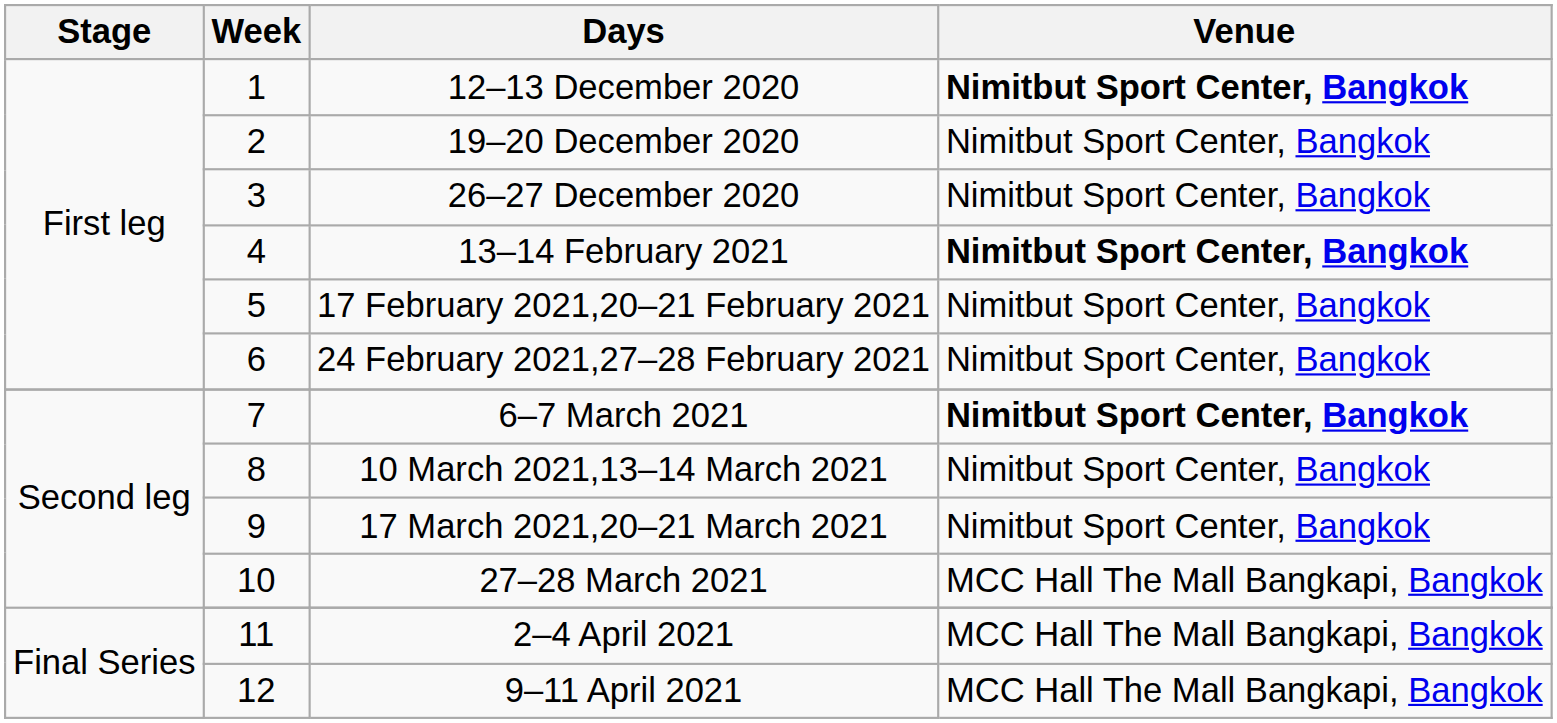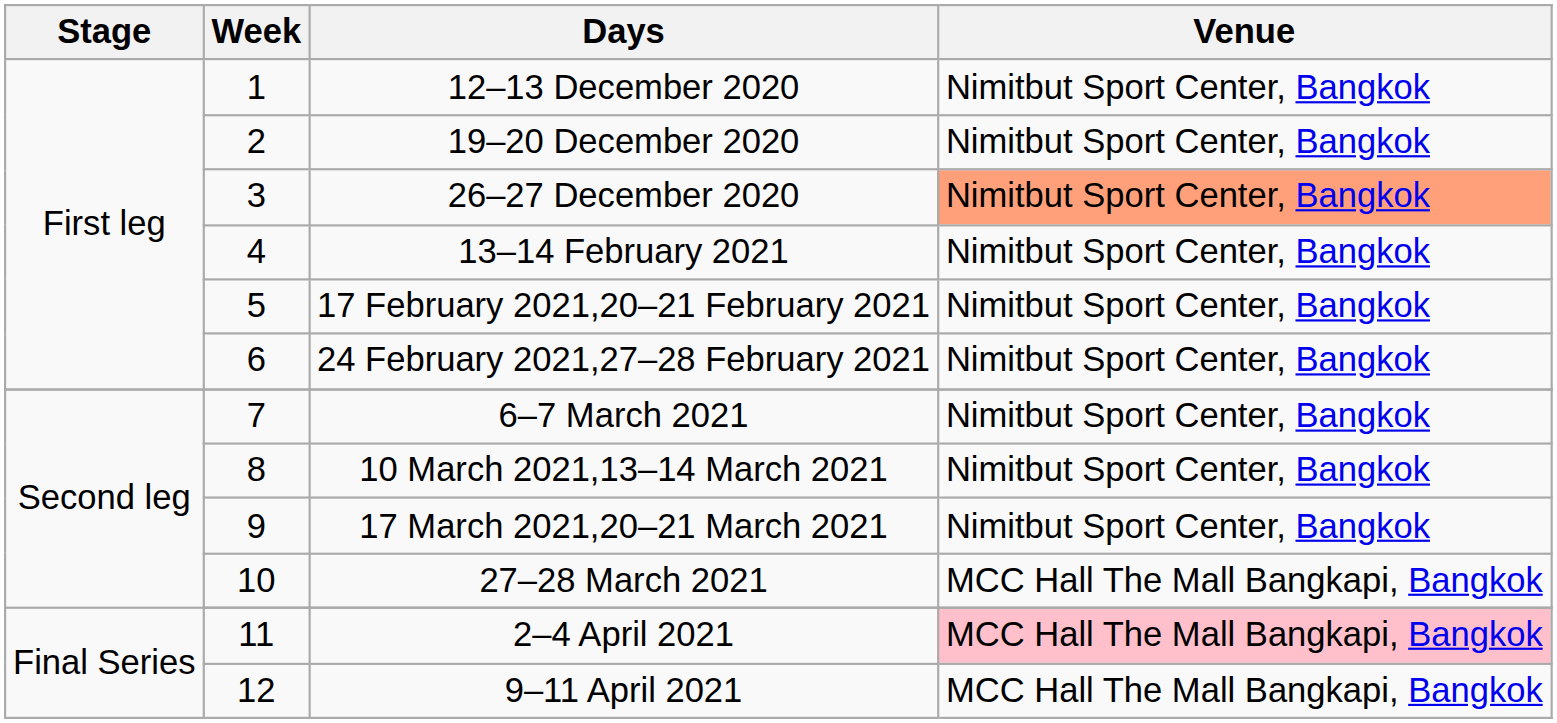 <table class="wikitable" style="text-align:center">
 <tr>
 <th>Stage</th>
 <th>Week</th>
 <th>Days</th>
 <th>Venue</th>
 </tr>
 <tr>
 <td rowspan=6>First leg</td>
 <td>1</td>
 <td>12–13 December 2020</td>
-<td align=left><strong>Nimitbut Sport Center, <a href='#'>Bangkok</a></strong></td>
+<td align=left>Nimitbut Sport Center, <a href='#'>Bangkok</a></td>
 </tr>
 <tr>
 <td>2</td>
 <td>19–20 December 2020</td>
 <td align=left>Nimitbut Sport Center, <a href='#'>Bangkok</a></td>
 </tr>
 <tr>
 <td>3</td>
 <td>26–27 December 2020</td>
-<td align=left>Nimitbut Sport Center, <a href='#'>Bangkok</a></td>
+<td align=left style="background: lightsalmon;">Nimitbut Sport Center, <a href='#'>Bangkok</a></td>
 </tr>
 <tr>
 <td>4</td>
 <td>13–14 February 2021</td>
-<td align=left><strong>Nimitbut Sport Center, <a href='#'>Bangkok</a></strong></td>
+<td align=left>Nimitbut Sport Center, <a href='#'>Bangkok</a></td>
 </tr>
 <tr>
 <td>5</td>
 <td>17 February 2021,20–21 February 2021</td>
 <td align=left>Nimitbut Sport Center, <a href='#'>Bangkok</a></td>
 </tr>
 <tr>
 <td>6</td>
 <td>24 February 2021,27–28 February 2021</td>
 <td align=left>Nimitbut Sport Center, <a href='#'>Bangkok</a></td>
 </tr>
 <tr>
 </tr>
 <tr>
 <td rowspan=4>Second leg</td>
 <td>7</td>
 <td>6–7 March 2021</td>
-<td align=left><strong>Nimitbut Sport Center, <a href='#'>Bangkok</a></strong></td>
+<td align=left>Nimitbut Sport Center, <a href='#'>Bangkok</a></td>
 </tr>
 <tr>
 <td>8</td>
 <td>10 March 2021,13–14 March 2021</td>
 <td align=left>Nimitbut Sport Center, <a href='#'>Bangkok</a></td>
 </tr>
 <tr>
 <td>9</td>
 <td>17 March 2021,20–21 March 2021</td>
 <td align=left>Nimitbut Sport Center, <a href='#'>Bangkok</a></td>
 </tr>
 <tr>
 <td>10</td>
 <td>27–28 March 2021</td>
 <td align=left>MCC Hall The Mall Bangkapi, <a href='#'>Bangkok</a></td>
 </tr>
 <tr>
 <td rowspan=4>Final Series</td>
 </tr>
 <tr>
 <td>11</td>
 <td>2–4 April 2021</td>
-<td align=left>MCC Hall The Mall Bangkapi, <a href='#'>Bangkok</a></td>
+<td align=left style="background: pink;">MCC Hall The Mall Bangkapi, <a href='#'>Bangkok</a></td>
 </tr>
 <tr>
 <td>12</td>
 <td>9–11 April 2021</td>
 <td align=left>MCC Hall The Mall Bangkapi, <a href='#'>Bangkok</a></td>
 </tr>
 </table>
